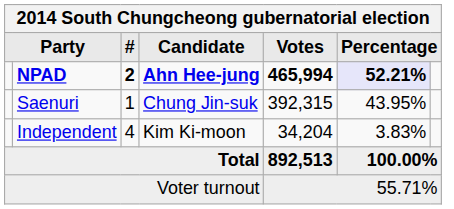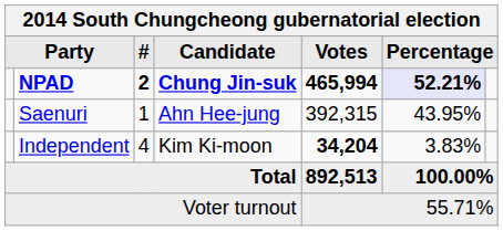 <table class="wikitable">
 <tr>
 <th colspan="7">2014 South Chungcheong gubernatorial election</th>
 </tr>
 <tr>
 <th style="background-color:#E9E9E9" colspan=2>Party</th>
 <th style="background-color:#E9E9E9">#</th>
 <th style="background-color:#E9E9E9">Candidate</th>
 <th style="background-color:#E9E9E9">Votes</th>
 <th style="background-color:#E9E9E9" colspan=2>Percentage</th>
 </tr>
 <tr style="font-weight:bold">
 <td></td>
 <td align=left><a href='#'>NPAD</a></td>
 <td align=center>2</td>
-<td align=left><a href='#'>Ahn Hee-jung</a></td>
+<td align=left><a href='#'>Chung Jin-suk</a></td>
 <td align=right>465,994</td>
 <td align=right style="background: lavender;">52.21%</td>
 <td align=right></td>
 </tr>
 <tr>
 <td></td>
 <td align=left><a href='#'>Saenuri</a></td>
 <td align=center>1</td>
-<td align=left><a href='#'>Chung Jin-suk</a></td>
+<td align=left><a href='#'>Ahn Hee-jung</a></td>
 <td align=right>392,315</td>
 <td align=right>43.95%</td>
 <td align=right></td>
 </tr>
 <tr>
 <td></td>
 <td align=left><a href='#'>Independent</a></td>
 <td align=center>4</td>
 <td align=left>Kim Ki-moon</td>
-<td align=right>34,204</td>
+<td align=right><strong>34,204</strong></td>
 <td align=right>3.83%</td>
 <td align=right></td>
 </tr>
 <tr bgcolor="#EEEEEE" style="font-weight:bold">
 <td colspan="4" align=right>Total</td>
 <td align=right>892,513</td>
 <td align=right colspan=2>100.00%</td>
 </tr>
 <tr bgcolor="#EEEEEE">
 <td colspan="4" align="right">Voter turnout</td>
 <td colspan="3" align="right">55.71%</td>
 </tr>
 </table>
